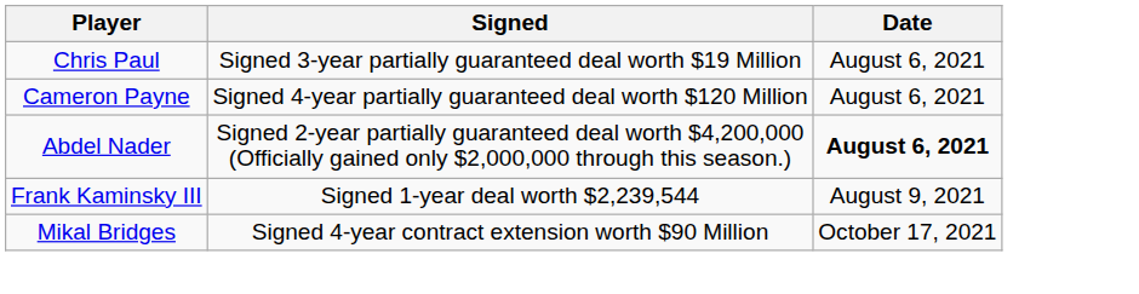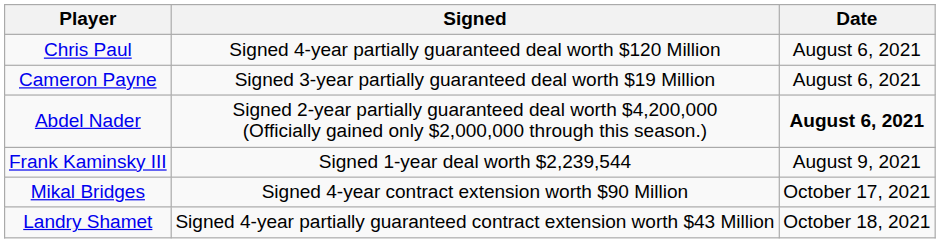 <table class="wikitable sortable sortable">
 <tr>
 <th>Player</th>
 <th>Signed</th>
 <th>Date</th>
 </tr>
 <tr style="text-align: center">
 <td><a href='#'>Chris Paul</a></td>
-<td>Signed 3-year partially guaranteed deal worth $19 Million</td>
+<td>Signed 4-year partially guaranteed deal worth $120 Million</td>
 <td>August 6, 2021</td>
 </tr>
 <tr style="text-align: center">
 <td><a href='#'>Cameron Payne</a></td>
-<td>Signed 4-year partially guaranteed deal worth $120 Million</td>
+<td>Signed 3-year partially guaranteed deal worth $19 Million</td>
 <td>August 6, 2021</td>
 </tr>
 <tr style="text-align: center">
 <td><a href='#'>Abdel Nader</a></td>
 <td>Signed 2-year partially guaranteed deal worth $4,200,000<br>(Officially gained only $2,000,000 through this season.)</td>
 <td><strong>August 6, 2021</strong></td>
 </tr>
 <tr style="text-align: center">
 <td><a href='#'>Frank Kaminsky III</a></td>
 <td>Signed 1-year deal worth $2,239,544</td>
 <td>August 9, 2021</td>
 </tr>
 <tr style="text-align: center">
 <td><a href='#'>Mikal Bridges</a></td>
 <td>Signed 4-year contract extension worth $90 Million</td>
 <td>October 17, 2021</td>
 </tr>
+<tr style="text-align: center">
+<td><a href='#'>Landry Shamet</a></td>
+<td>Signed 4-year partially guaranteed contract extension worth $43 Million</td>
+<td>October 18, 2021<br></td>
+</tr>
 </table>
